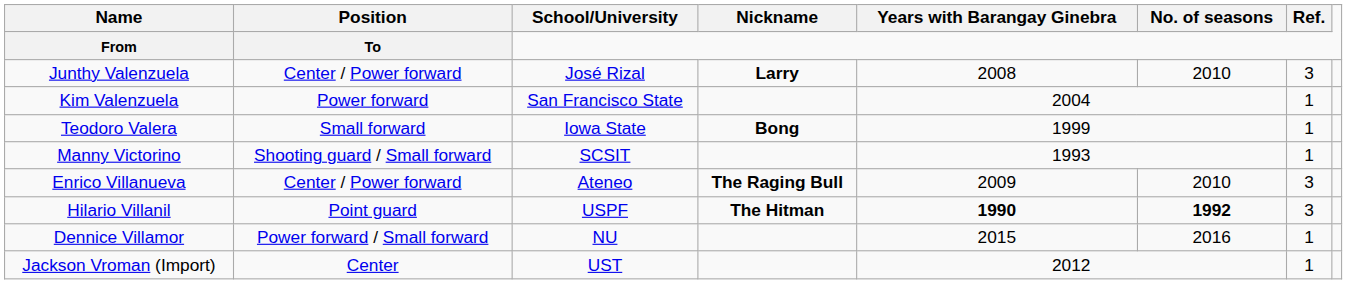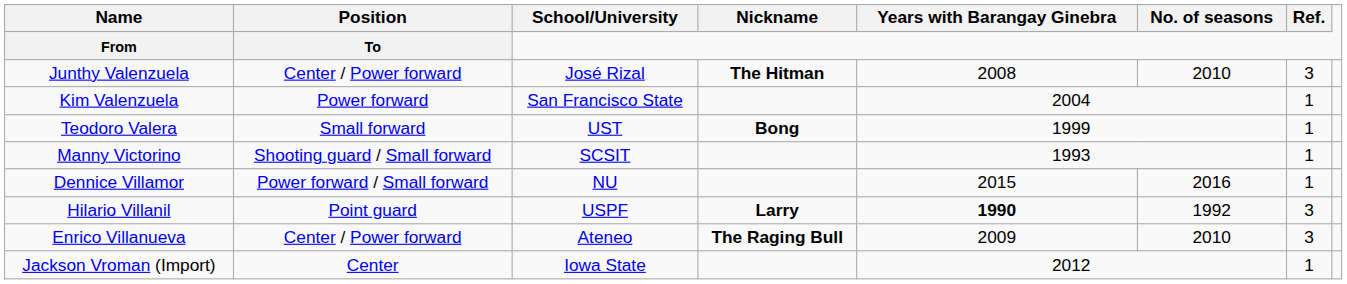 <table class="wikitable sortable" style="text-align:center" width="98%">
 <tr>
 <th>Name</th>
 <th>Position</th>
 <th>School/University</th>
 <th>Nickname</th>
 <th>Years with Barangay Ginebra</th>
 <th>No. of seasons</th>
 <th>Ref.</th>
 </tr>
 <tr>
 <th><small>From</small></th>
 <th><small>To</small></th>
 </tr>
 <tr>
 <td><a href='#'>Junthy Valenzuela</a></td>
 <td><a href='#'>Center</a> / <a href='#'>Power forward</a></td>
 <td><a href='#'>José Rizal</a></td>
-<td><strong>Larry</strong></td>
+<td><strong>The Hitman</strong></td>
 <td>2008</td>
 <td>2010</td>
 <td>3</td>
 <td></td>
 </tr>
 <tr>
 <td><a href='#'>Kim Valenzuela</a></td>
 <td><a href='#'>Power forward</a></td>
 <td><a href='#'>San Francisco State</a></td>
 <td></td>
 <td colspan="2">2004</td>
 <td>1</td>
 <td></td>
 </tr>
 <tr>
 <td><a href='#'>Teodoro Valera</a></td>
 <td><a href='#'>Small forward</a></td>
-<td><a href='#'>Iowa State</a></td>
+<td><a href='#'>UST</a></td>
 <td><strong>Bong</strong></td>
 <td colspan="2">1999</td>
 <td>1</td>
 <td></td>
 </tr>
 <tr>
 <td><a href='#'>Manny Victorino</a></td>
 <td><a href='#'>Shooting guard</a> / <a href='#'>Small forward</a></td>
 <td><a href='#'>SCSIT</a></td>
 <td></td>
 <td colspan="2">1993</td>
 <td>1</td>
 <td></td>
 </tr>
 <tr>
+<td><a href='#'>Dennice Villamor</a></td>
+<td><a href='#'>Power forward</a> / <a href='#'>Small forward</a></td>
+<td><a href='#'>NU</a></td>
+<td></td>
+<td>2015</td>
+<td>2016</td>
+<td>1</td>
+<td></td>
+</tr>
+<tr>
+<td><a href='#'>Hilario Villanil</a></td>
+<td><a href='#'>Point guard</a></td>
+<td><a href='#'>USPF</a></td>
+<td><strong>Larry</strong></td>
+<td><strong>1990</strong></td>
+<td>1992</td>
+<td>3</td>
+<td></td>
+</tr>
+<tr>
 <td><a href='#'>Enrico Villanueva</a></td>
 <td><a href='#'>Center</a> / <a href='#'>Power forward</a></td>
 <td><a href='#'>Ateneo</a></td>
 <td><strong>The Raging Bull</strong></td>
 <td>2009</td>
 <td>2010</td>
 <td>3</td>
 <td></td>
 </tr>
 <tr>
-<td><a href='#'>Hilario Villanil</a></td>
-<td><a href='#'>Point guard</a></td>
-<td><a href='#'>USPF</a></td>
-<td><strong>The Hitman</strong></td>
-<td><strong>1990</strong></td>
-<td><strong>1992</strong></td>
-<td>3</td>
-<td></td>
-</tr>
-<tr>
-<td><a href='#'>Dennice Villamor</a></td>
-<td><a href='#'>Power forward</a> / <a href='#'>Small forward</a></td>
-<td><a href='#'>NU</a></td>
-<td></td>
-<td>2015</td>
-<td>2016</td>
-<td>1</td>
-<td></td>
-</tr>
-<tr>
 <td><a href='#'>Jackson Vroman</a> (Import)</td>
 <td><a href='#'>Center</a></td>
-<td><a href='#'>UST</a></td>
+<td><a href='#'>Iowa State</a></td>
 <td></td>
 <td colspan="2">2012</td>
 <td>1</td>
 <td></td>
 </tr>
 </table>
